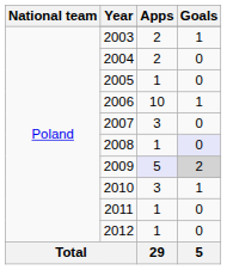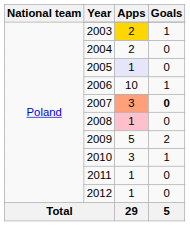 <table class="wikitable" style="text-align:center">
 <tr>
 <th>National team</th>
 <th>Year</th>
 <th>Apps</th>
 <th>Goals</th>
 </tr>
 <tr>
 <td rowspan=11><a href='#'>Poland</a></td>
 </tr>
 <tr>
 <td>2003</td>
-<td>2</td>
+<td style="background: gold;">2</td>
 <td>1</td>
 </tr>
 <tr>
 <td>2004</td>
 <td>2</td>
 <td>0</td>
 </tr>
 <tr>
 <td>2005</td>
-<td>1</td>
+<td style="background: lavender;">1</td>
 <td>0</td>
 </tr>
 <tr>
 <td>2006</td>
 <td>10</td>
 <td>1</td>
 </tr>
 <tr>
 <td>2007</td>
-<td>3</td>
+<td style="background: lightsalmon;">3</td>
+<td><strong>0</strong></td>
+</tr>
+<tr>
+<td>2008</td>
+<td style="background: pink;">1</td>
 <td>0</td>
 </tr>
 <tr>
-<td>2008</td>
-<td>1</td>
-<td style="background: lavender;">0</td>
-</tr>
-<tr>
 <td>2009</td>
-<td style="background: lavender;">5</td>
-<td style="background: lightgrey;">2</td>
+<td>5</td>
+<td>2</td>
 </tr>
 <tr>
 <td>2010</td>
 <td>3</td>
 <td>1</td>
 </tr>
 <tr>
 <td>2011</td>
 <td>1</td>
 <td>0</td>
 </tr>
 <tr>
 <td>2012</td>
 <td>1</td>
 <td>0</td>
 </tr>
 <tr>
 <th colspan="2">Total</th>
 <th>29</th>
 <th>5</th>
 </tr>
 </table>
